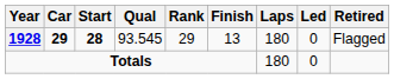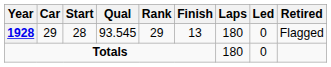 <table class="wikitable" style="text-align:center">
 <tr>
 <th>Year</th>
 <th>Car</th>
 <th>Start</th>
 <th>Qual</th>
 <th>Rank</th>
 <th>Finish</th>
 <th>Laps</th>
 <th>Led</th>
 <th>Retired</th>
 </tr>
 <tr>
 <th><a href='#'>1928</a></th>
-<td><strong>29</strong></td>
-<td><strong>28</strong></td>
+<td>29</td>
+<td>28</td>
 <td>93.545</td>
 <td>29</td>
 <td>13</td>
 <td>180</td>
 <td>0</td>
 <td>Flagged</td>
 </tr>
 <tr>
 <td colspan=6><strong>Totals</strong></td>
 <td>180</td>
 <td>0</td>
 <td></td>
 </tr>
 </table>
